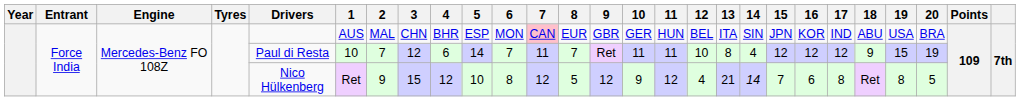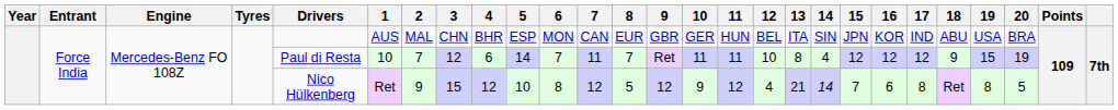 <table class="wikitable" style="text-align:center; font-size:95%">
 <tr>
 <th>Year</th>
 <th>Entrant</th>
 <th>Engine</th>
 <th>Tyres</th>
 <th>Drivers</th>
 <th>1</th>
 <th>2</th>
 <th>3</th>
 <th>4</th>
 <th>5</th>
 <th>6</th>
 <th>7</th>
 <th>8</th>
 <th>9</th>
 <th>10</th>
 <th>11</th>
 <th>12</th>
 <th>13</th>
 <th>14</th>
 <th>15</th>
 <th>16</th>
 <th>17</th>
 <th>18</th>
 <th>19</th>
 <th>20</th>
 <th>Points</th>
 <th></th>
 </tr>
 <tr>
 <th rowspan=3></th>
 <td rowspan=3><a href='#'>Force India</a></td>
 <td rowspan=3><a href='#'>Mercedes-Benz</a> FO 108Z</td>
 <td rowspan=3></td>
 <td></td>
 <td><a href='#'>AUS</a></td>
 <td><a href='#'>MAL</a></td>
 <td><a href='#'>CHN</a></td>
 <td><a href='#'>BHR</a></td>
 <td><a href='#'>ESP</a></td>
 <td><a href='#'>MON</a></td>
-<td style="background: pink;"><a href='#'>CAN</a></td>
+<td><a href='#'>CAN</a></td>
 <td><a href='#'>EUR</a></td>
 <td><a href='#'>GBR</a></td>
 <td><a href='#'>GER</a></td>
 <td><a href='#'>HUN</a></td>
 <td><a href='#'>BEL</a></td>
 <td><a href='#'>ITA</a></td>
 <td><a href='#'>SIN</a></td>
 <td><a href='#'>JPN</a></td>
 <td><a href='#'>KOR</a></td>
 <td><a href='#'>IND</a></td>
 <td><a href='#'>ABU</a></td>
 <td><a href='#'>USA</a></td>
 <td><a href='#'>BRA</a></td>
 <th rowspan="3">109</th>
 <th rowspan="3">7th</th>
 </tr>
 <tr>
 <td><a href='#'>Paul di Resta</a></td>
 <td style="background:#DFFFDF;">10</td>
 <td style="background:#DFFFDF;">7</td>
 <td style="background:#CFCFFF;">12</td>
 <td style="background:#DFFFDF;">6</td>
 <td style="background:#CFCFFF;">14</td>
 <td style="background:#DFFFDF;">7</td>
 <td style="background:#CFCFFF;">11</td>
 <td style="background:#DFFFDF;">7</td>
 <td style="background:#EFCFFF;">Ret</td>
 <td style="background:#CFCFFF;">11</td>
 <td style="background:#CFCFFF;">11</td>
 <td style="background:#DFFFDF;">10</td>
 <td style="background:#DFFFDF;">8</td>
 <td style="background:#DFFFDF;">4</td>
 <td style="background:#CFCFFF;">12</td>
 <td style="background:#CFCFFF;">12</td>
 <td style="background:#CFCFFF;">12</td>
 <td style="background:#DFFFDF;">9</td>
 <td style="background:#CFCFFF;">15</td>
 <td style="background:#CFCFFF;">19</td>
 </tr>
 <tr>
 <td><a href='#'>Nico Hülkenberg</a></td>
 <td style="background:#EFCFFF;">Ret</td>
 <td style="background:#DFFFDF;">9</td>
 <td style="background:#CFCFFF;">15</td>
 <td style="background:#CFCFFF;">12</td>
 <td style="background:#DFFFDF;">10</td>
 <td style="background:#DFFFDF;">8</td>
 <td style="background:#CFCFFF;">12</td>
 <td style="background:#DFFFDF;">5</td>
 <td style="background:#CFCFFF;">12</td>
 <td style="background:#DFFFDF;">9</td>
 <td style="background:#CFCFFF;">12</td>
 <td style="background:#DFFFDF;">4</td>
 <td style="background:#CFCFFF;">21</td>
 <td style="background:#CFCFFF;"><em>14</em></td>
 <td style="background:#DFFFDF;">7</td>
 <td style="background:#DFFFDF;">6</td>
 <td style="background:#DFFFDF;">8</td>
 <td style="background:#EFCFFF;">Ret</td>
 <td style="background:#DFFFDF;">8</td>
 <td style="background:#DFFFDF;">5</td>
 </tr>
 </table>
